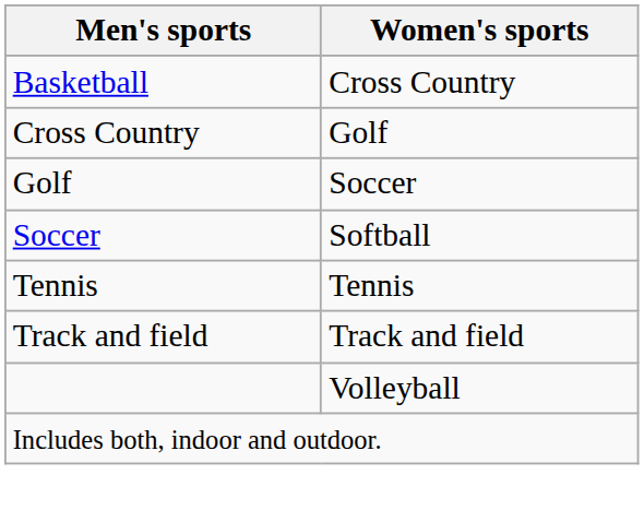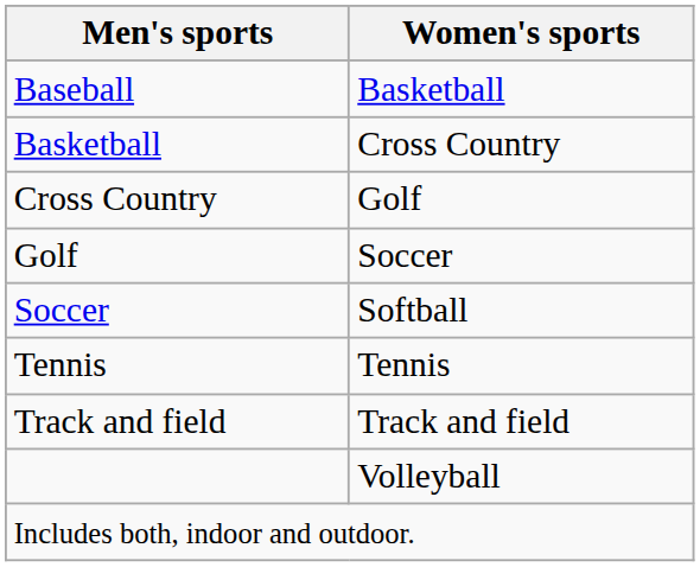 <table class= wikitable>
 <tr>
 <th width=150px>Men's sports</th>
 <th width=150px>Women's sports</th>
+</tr>
+<tr>
+<td><a href='#'>Baseball</a></td>
+<td><a href='#'>Basketball</a></td>
 </tr>
 <tr>
 <td><a href='#'>Basketball</a></td>
 <td>Cross Country</td>
 </tr>
 <tr>
 <td>Cross Country</td>
 <td>Golf</td>
 </tr>
 <tr>
 <td>Golf</td>
 <td>Soccer</td>
 </tr>
 <tr>
 <td><a href='#'>Soccer</a></td>
 <td>Softball</td>
 </tr>
 <tr>
 <td>Tennis</td>
 <td>Tennis</td>
 </tr>
 <tr>
 <td>Track and field </td>
 <td>Track and field </td>
 </tr>
 <tr>
 <td></td>
 <td>Volleyball</td>
 </tr>
 <tr>
 <td colspan=2><small> Includes both, indoor and outdoor.</small></td>
 </tr>
 </table>
